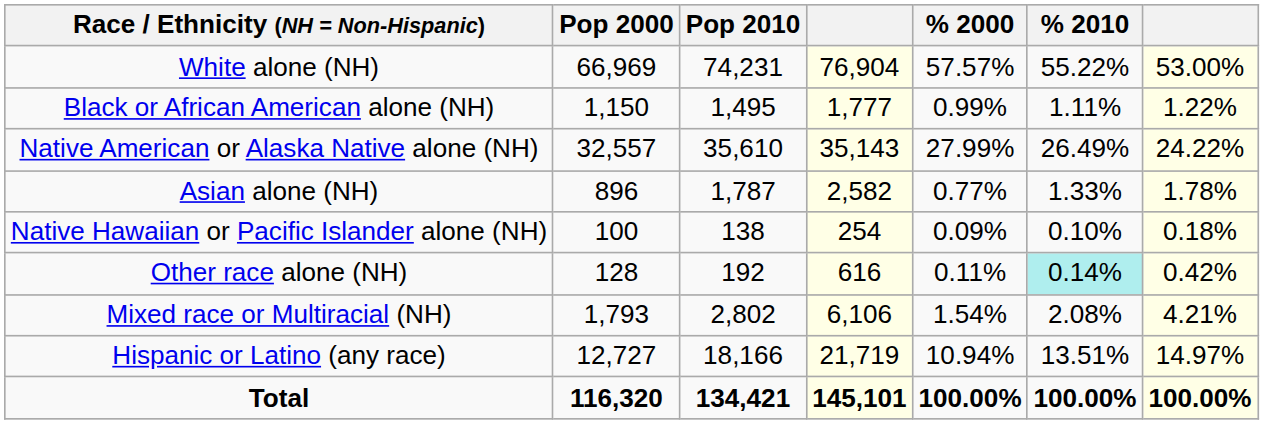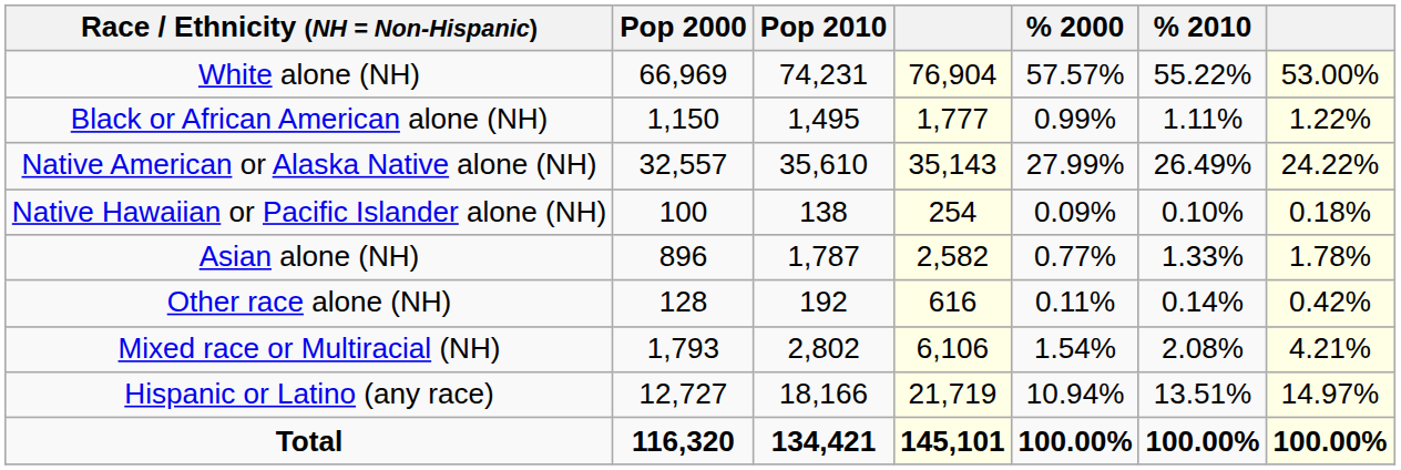 <table class="wikitable" style="text-align:center;">
 <tr>
 <th>Race / Ethnicity <small>(<em>NH = Non-Hispanic</em>)</small></th>
 <th>Pop 2000</th>
 <th>Pop 2010</th>
 <th></th>
 <th>% 2000</th>
 <th>% 2010</th>
 <th></th>
 </tr>
 <tr>
 <td><a href='#'>White</a> alone (NH)</td>
 <td>66,969</td>
 <td>74,231</td>
 <td style='background: #ffffe6;'>76,904</td>
 <td>57.57%</td>
 <td>55.22%</td>
 <td style='background: #ffffe6;'>53.00%</td>
 </tr>
 <tr>
 <td><a href='#'>Black or African American</a> alone (NH)</td>
 <td>1,150</td>
 <td>1,495</td>
 <td style='background: #ffffe6;'>1,777</td>
 <td>0.99%</td>
 <td>1.11%</td>
 <td style='background: #ffffe6;'>1.22%</td>
 </tr>
 <tr>
 <td><a href='#'>Native American</a> or <a href='#'>Alaska Native</a> alone (NH)</td>
 <td>32,557</td>
 <td>35,610</td>
 <td style='background: #ffffe6;'>35,143</td>
 <td>27.99%</td>
 <td>26.49%</td>
 <td style='background: #ffffe6;'>24.22%</td>
 </tr>
 <tr>
+<td><a href='#'>Native Hawaiian</a> or <a href='#'>Pacific Islander</a> alone (NH)</td>
+<td>100</td>
+<td>138</td>
+<td style='background: #ffffe6;'>254</td>
+<td>0.09%</td>
+<td>0.10%</td>
+<td style='background: #ffffe6;'>0.18%</td>
+</tr>
+<tr>
 <td><a href='#'>Asian</a> alone (NH)</td>
 <td>896</td>
 <td>1,787</td>
 <td style='background: #ffffe6;'>2,582</td>
 <td>0.77%</td>
 <td>1.33%</td>
 <td style='background: #ffffe6;'>1.78%</td>
 </tr>
 <tr>
-<td><a href='#'>Native Hawaiian</a> or <a href='#'>Pacific Islander</a> alone (NH)</td>
-<td>100</td>
-<td>138</td>
-<td style='background: #ffffe6;'>254</td>
-<td>0.09%</td>
-<td>0.10%</td>
-<td style='background: #ffffe6;'>0.18%</td>
-</tr>
-<tr>
 <td><a href='#'>Other race</a> alone (NH)</td>
 <td>128</td>
 <td>192</td>
 <td style='background: #ffffe6;'>616</td>
 <td>0.11%</td>
-<td style="background: paleturquoise;">0.14%</td>
+<td>0.14%</td>
 <td style='background: #ffffe6;'>0.42%</td>
 </tr>
 <tr>
 <td><a href='#'>Mixed race or Multiracial</a> (NH)</td>
 <td>1,793</td>
 <td>2,802</td>
 <td style='background: #ffffe6;'>6,106</td>
 <td>1.54%</td>
 <td>2.08%</td>
 <td style='background: #ffffe6;'>4.21%</td>
 </tr>
 <tr>
 <td><a href='#'>Hispanic or Latino</a> (any race)</td>
 <td>12,727</td>
 <td>18,166</td>
 <td style='background: #ffffe6;'>21,719</td>
 <td>10.94%</td>
 <td>13.51%</td>
 <td style='background: #ffffe6;'>14.97%</td>
 </tr>
 <tr>
 <td><strong>Total</strong></td>
 <td><strong>116,320</strong></td>
 <td><strong>134,421</strong></td>
 <td style='background: #ffffe6;'><strong>145,101</strong></td>
 <td><strong>100.00%</strong></td>
 <td><strong>100.00%</strong></td>
 <td style='background: #ffffe6;'><strong>100.00%</strong></td>
 </tr>
 </table>
